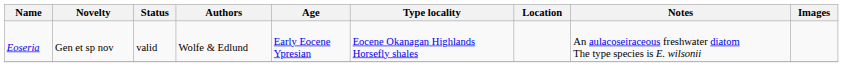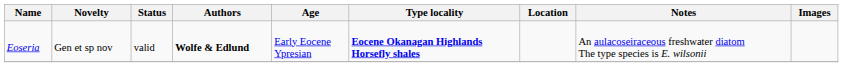 <table class="wikitable sortable" align="center" width="100%">
 <tr>
 <th>Name</th>
 <th>Novelty</th>
 <th>Status</th>
 <th>Authors</th>
 <th>Age</th>
 <th>Type locality</th>
 <th>Location</th>
 <th>Notes</th>
 <th>Images</th>
 </tr>
 <tr>
 <td><br><em><a href='#'>Eoseria</a></em></td>
 <td><br>Gen et sp nov</td>
 <td><br>valid</td>
-<td><br>Wolfe & Edlund</td>
+<td><strong><br>Wolfe & Edlund</strong></td>
 <td><br><a href='#'>Early Eocene</a><br><a href='#'>Ypresian</a></td>
-<td><br><a href='#'>Eocene Okanagan Highlands</a><br><a href='#'>Horsefly shales</a></td>
+<td><strong><br><a href='#'>Eocene Okanagan Highlands</a><br><a href='#'>Horsefly shales</a></strong></td>
 <td><br><br></td>
 <td><br>An <a href='#'>aulacoseiraceous</a> freshwater <a href='#'>diatom</a><br>The type species is <em>E. wilsonii</em></td>
 <td></td>
 </tr>
 <tr>
 </tr>
 </table>
